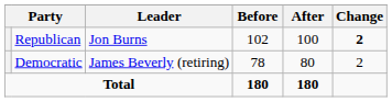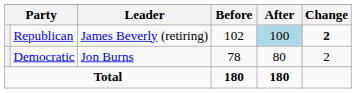 <table class="wikitable" style="text-align:center;">
 <tr>
 </tr>
 <tr>
 <th colspan="2">Party</th>
 <th>Leader</th>
 <th style="width:3em">Before</th>
 <th style="width:3em">After</th>
 <th style="width:3em">Change</th>
 </tr>
 <tr>
 <th style="background-color:"></th>
 <td style="text-align:left;"><a href='#'>Republican</a></td>
-<td style="text-align:left;"><a href='#'>Jon Burns</a></td>
+<td style="text-align:left;"><a href='#'>James Beverly</a> (retiring)</td>
 <td>102</td>
-<td>100</td>
+<td style="background: lightblue;">100</td>
 <td><strong> 2</strong></td>
 </tr>
 <tr>
 <th style="background-color:"></th>
 <td style="text-align:left;"><a href='#'>Democratic</a></td>
-<td style="text-align:left;"><a href='#'>James Beverly</a> (retiring)</td>
+<td style="text-align:left;"><a href='#'>Jon Burns</a></td>
 <td>78</td>
 <td>80</td>
 <td> 2</td>
 </tr>
 <tr>
 <td colspan="3"><strong>Total</strong></td>
 <td><strong>180</strong></td>
 <td><strong>180</strong></td>
 <td></td>
 </tr>
 </table>
